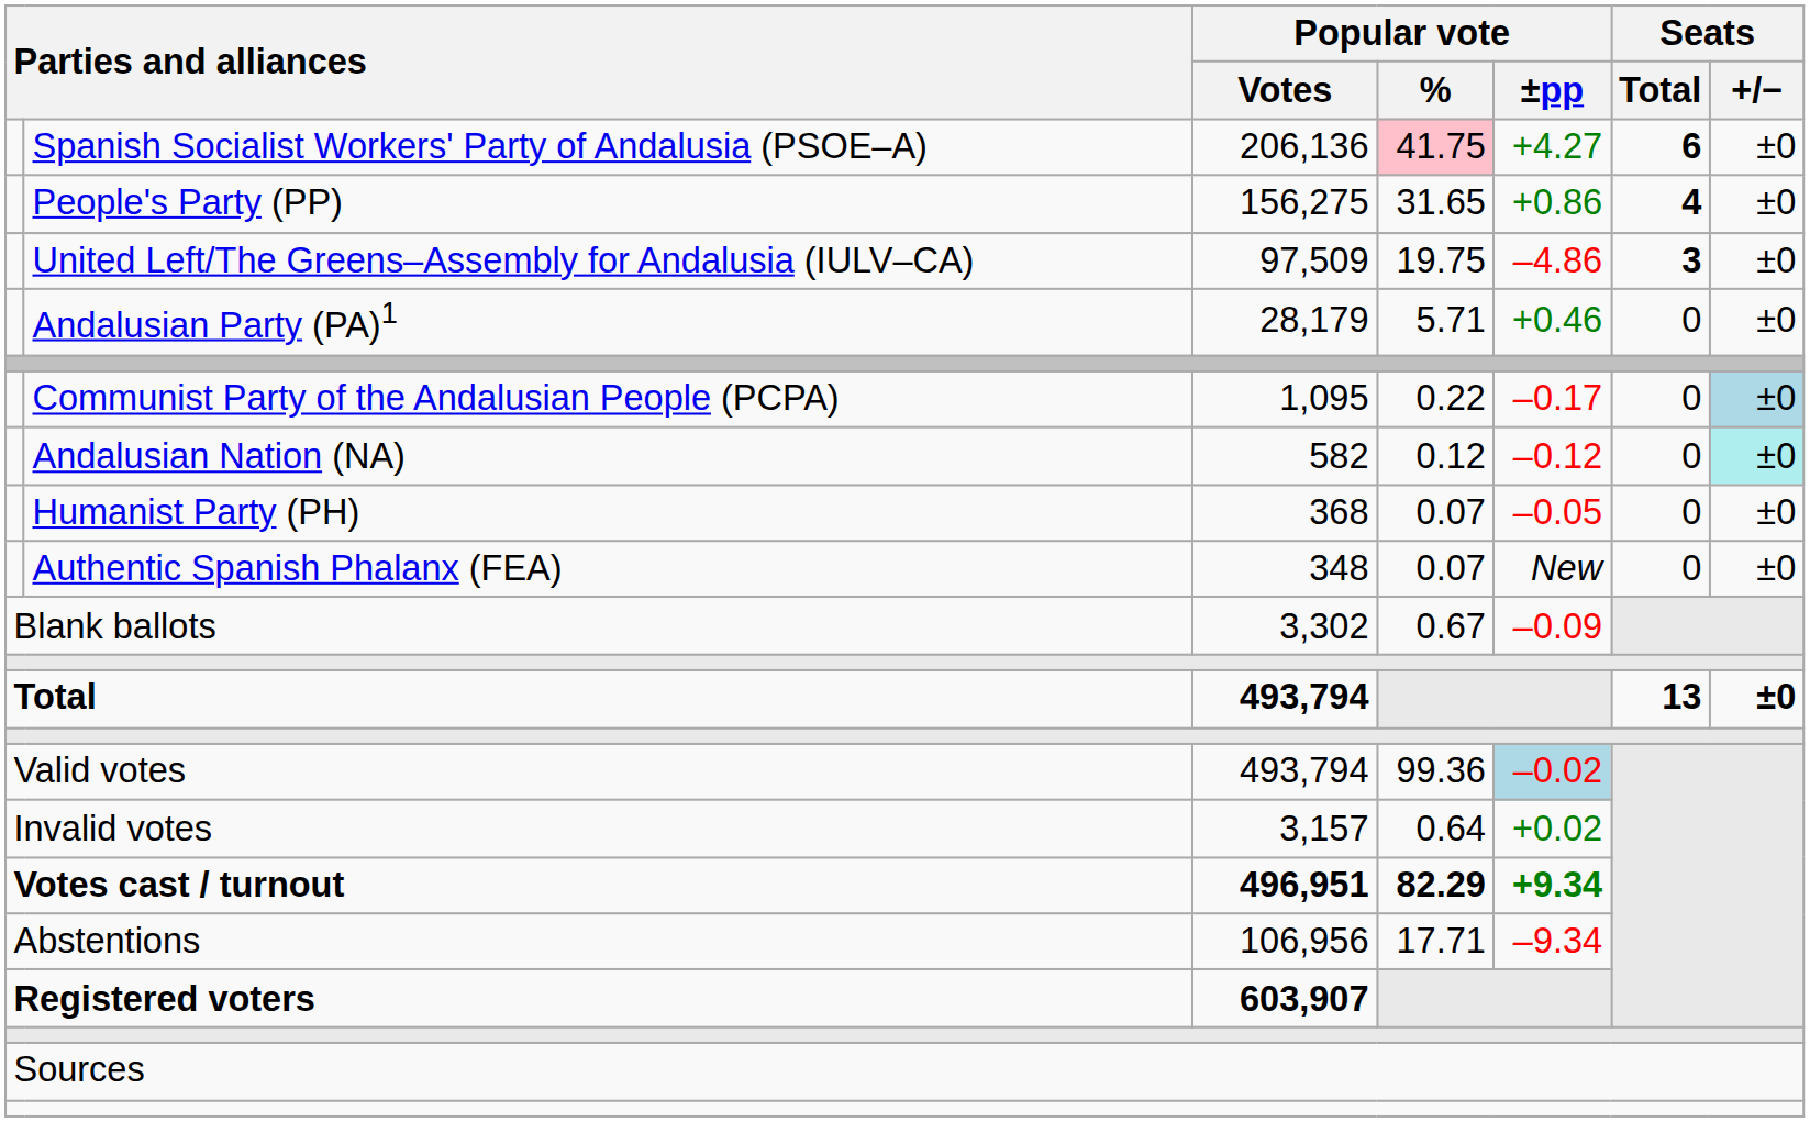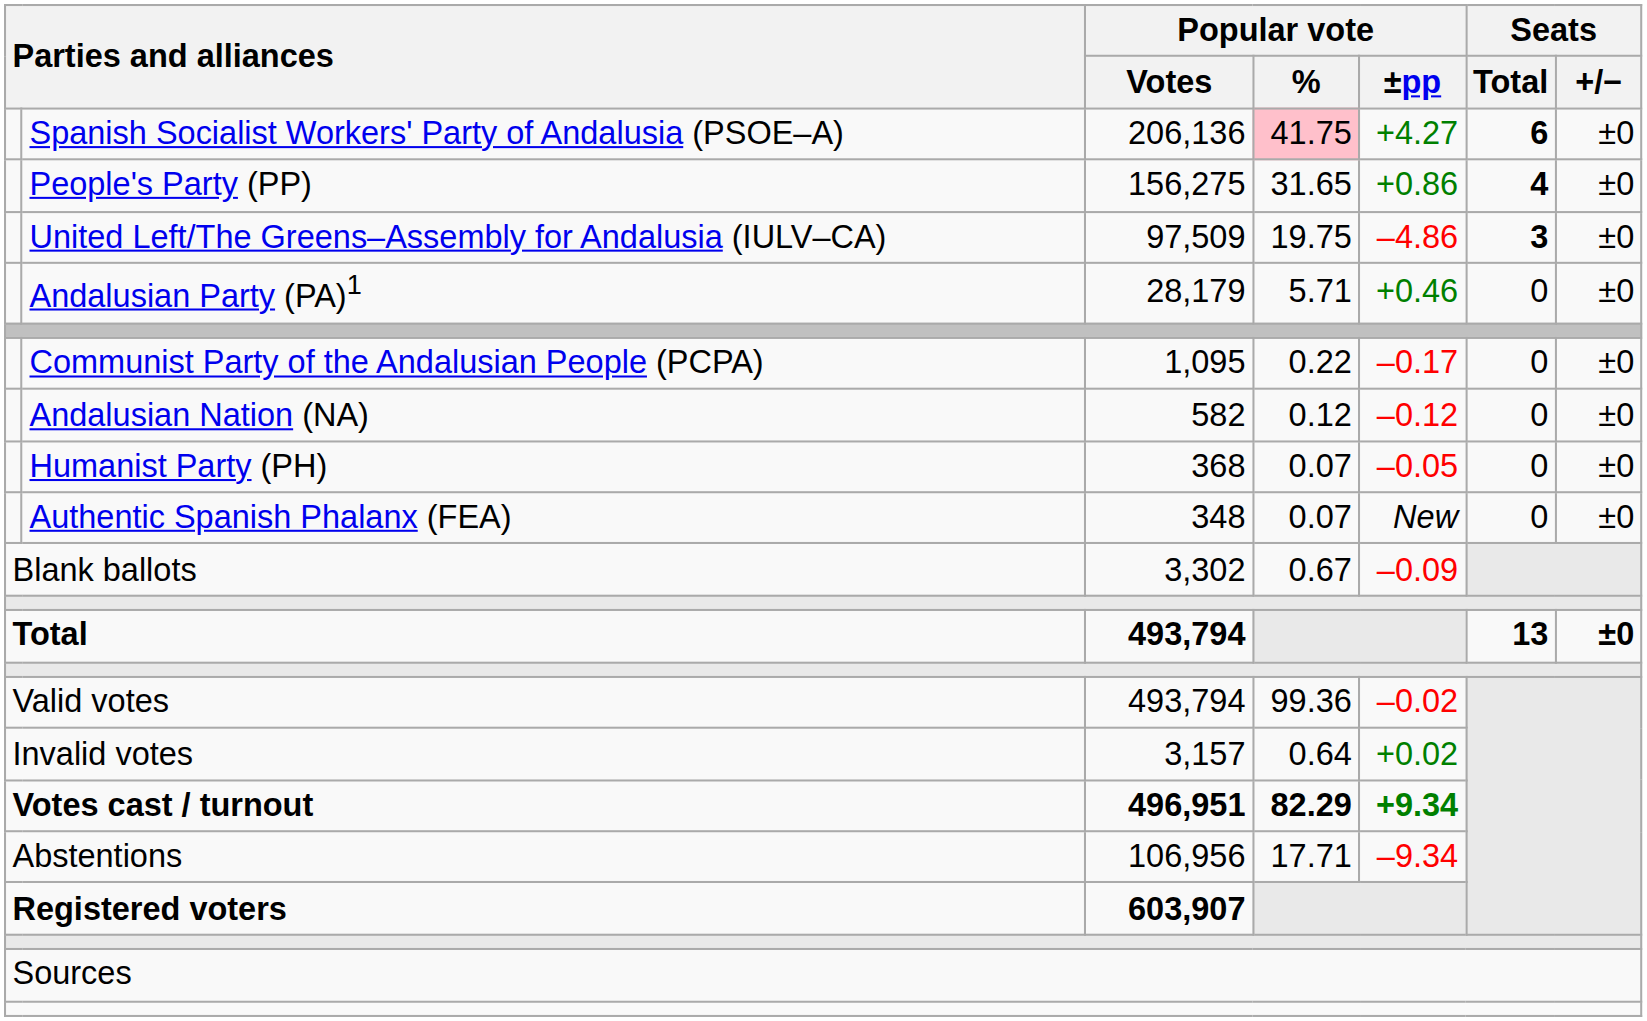 <table class="wikitable" style="text-align:right;">
 <tr>
 <th style="text-align:left;" rowspan="2" colspan="2" width="525">Parties and alliances</th>
 <th colspan="3">Popular vote</th>
 <th colspan="2">Seats</th>
 </tr>
 <tr>
 <th width="75">Votes</th>
 <th width="45">%</th>
 <th width="45">±<a href='#'>pp</a></th>
 <th width="35">Total</th>
 <th width="35">+/−</th>
 </tr>
 <tr>
 <td width="1" style="color:inherit;background:"></td>
 <td align="left"><a href='#'>Spanish Socialist Workers' Party of Andalusia</a> (PSOE–A)</td>
 <td>206,136</td>
 <td style="background: pink;">41.75</td>
 <td style="color:green;">+4.27</td>
 <td><strong>6</strong></td>
 <td>±0</td>
 </tr>
 <tr>
 <td style="color:inherit;background:"></td>
 <td align="left"><a href='#'>People's Party</a> (PP)</td>
 <td>156,275</td>
 <td>31.65</td>
 <td style="color:green;">+0.86</td>
 <td><strong>4</strong></td>
 <td>±0</td>
 </tr>
 <tr>
 <td style="color:inherit;background:"></td>
 <td align="left"><a href='#'>United Left/The Greens–Assembly for Andalusia</a> (IULV–CA)</td>
 <td>97,509</td>
 <td>19.75</td>
 <td style="color:red;">–4.86</td>
 <td><strong>3</strong></td>
 <td>±0</td>
 </tr>
 <tr>
 <td style="color:inherit;background:"></td>
 <td align="left"><a href='#'>Andalusian Party</a> (PA)<sup>1</sup></td>
 <td>28,179</td>
 <td>5.71</td>
 <td style="color:green;">+0.46</td>
 <td>0</td>
 <td>±0</td>
 </tr>
 <tr>
 <td colspan="7" bgcolor="#C0C0C0"></td>
 </tr>
 <tr>
 <td style="color:inherit;background:"></td>
 <td align="left"><a href='#'>Communist Party of the Andalusian People</a> (PCPA)</td>
 <td>1,095</td>
 <td>0.22</td>
 <td style="color:red;">–0.17</td>
 <td>0</td>
-<td style="background: lightblue;">±0</td>
+<td>±0</td>
 </tr>
 <tr>
 <td style="color:inherit;background:"></td>
 <td align="left"><a href='#'>Andalusian Nation</a> (NA)</td>
 <td>582</td>
 <td>0.12</td>
 <td style="color:red;">–0.12</td>
 <td>0</td>
-<td style="background: paleturquoise;">±0</td>
+<td>±0</td>
 </tr>
 <tr>
 <td style="color:inherit;background:"></td>
 <td align="left"><a href='#'>Humanist Party</a> (PH)</td>
 <td>368</td>
 <td>0.07</td>
 <td style="color:red;">–0.05</td>
 <td>0</td>
 <td>±0</td>
 </tr>
 <tr>
 <td style="color:inherit;background:"></td>
 <td align="left"><a href='#'>Authentic Spanish Phalanx</a> (FEA)</td>
 <td>348</td>
 <td>0.07</td>
 <td><em>New</em></td>
 <td>0</td>
 <td>±0</td>
 </tr>
 <tr>
 <td align="left" colspan="2">Blank ballots</td>
 <td>3,302</td>
 <td>0.67</td>
 <td style="color:red;">–0.09</td>
 <td bgcolor="#E9E9E9" colspan="2"></td>
 </tr>
 <tr>
 <td colspan="7" bgcolor="#E9E9E9"></td>
 </tr>
 <tr style="font-weight:bold;">
 <td align="left" colspan="2">Total</td>
 <td>493,794</td>
 <td bgcolor="#E9E9E9" colspan="2"></td>
 <td>13</td>
 <td>±0</td>
 </tr>
 <tr>
 <td colspan="7" bgcolor="#E9E9E9"></td>
 </tr>
 <tr>
 <td align="left" colspan="2">Valid votes</td>
 <td>493,794</td>
 <td>99.36</td>
-<td style="background: lightblue; color:red;">–0.02</td>
+<td style="color:red;">–0.02</td>
 <td bgcolor="#E9E9E9" colspan="2" rowspan="5"></td>
 </tr>
 <tr>
 <td align="left" colspan="2">Invalid votes</td>
 <td>3,157</td>
 <td>0.64</td>
 <td style="color:green;">+0.02</td>
 </tr>
 <tr style="font-weight:bold;">
 <td align="left" colspan="2">Votes cast / turnout</td>
 <td>496,951</td>
 <td>82.29</td>
 <td style="color:green;">+9.34</td>
 </tr>
 <tr>
 <td align="left" colspan="2">Abstentions</td>
 <td>106,956</td>
 <td>17.71</td>
 <td style="color:red;">–9.34</td>
 </tr>
 <tr style="font-weight:bold;">
 <td align="left" colspan="2">Registered voters</td>
 <td>603,907</td>
 <td bgcolor="#E9E9E9" colspan="2"></td>
 </tr>
 <tr>
 <td colspan="7" bgcolor="#E9E9E9"></td>
 </tr>
 <tr>
 <td align="left" colspan="7">Sources</td>
 </tr>
 <tr>
 <td colspan="7" style="text-align:left; max-width:790px;"></td>
 </tr>
 </table>
